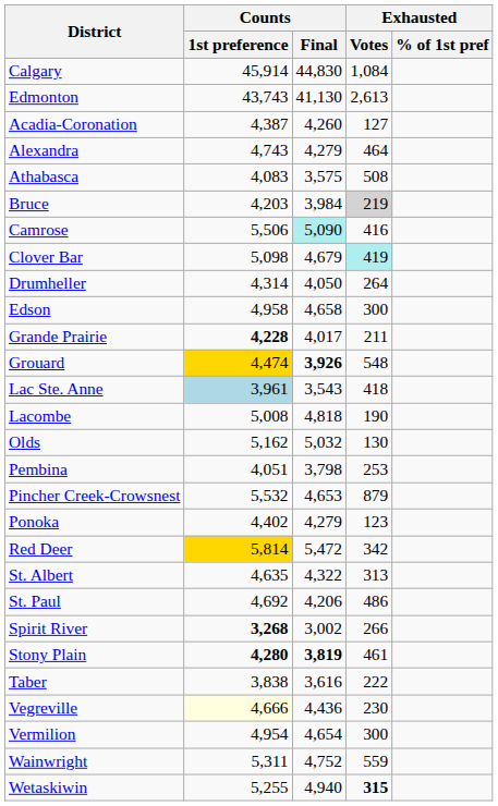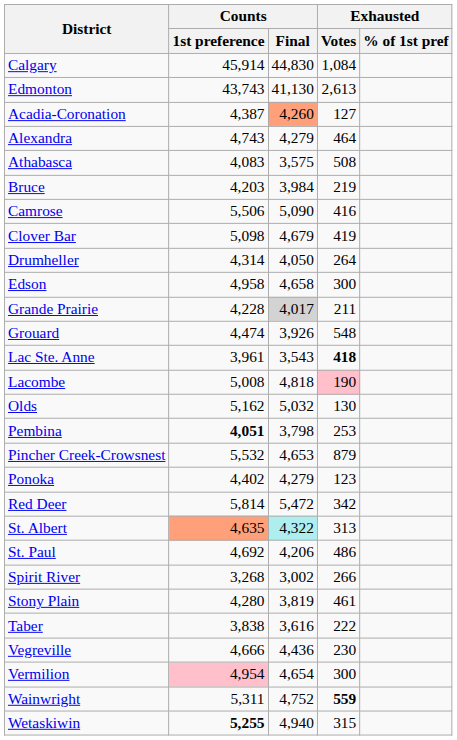 <table class="wikitable" style="text-align:right;">
 <tr>
 <th rowspan="2">District</th>
 <th colspan="2">Counts</th>
 <th colspan="3">Exhausted</th>
 </tr>
 <tr>
 <th>1st preference</th>
 <th>Final</th>
 <th>Votes</th>
 <th colspan="2">% of 1st pref</th>
 </tr>
 <tr>
 <td style="text-align:left;"><a href='#'>Calgary</a></td>
 <td>45,914</td>
 <td>44,830</td>
 <td>1,084</td>
 <td></td>
 </tr>
 <tr>
 <td style="text-align:left;"><a href='#'>Edmonton</a></td>
 <td>43,743</td>
 <td>41,130</td>
 <td>2,613</td>
 <td></td>
 </tr>
 <tr>
 <td style="text-align:left;"><a href='#'>Acadia-Coronation</a></td>
 <td>4,387</td>
-<td>4,260</td>
+<td style="background: lightsalmon;">4,260</td>
 <td>127</td>
 <td></td>
 </tr>
 <tr>
 <td style="text-align:left;"><a href='#'>Alexandra</a></td>
 <td>4,743</td>
 <td>4,279</td>
 <td>464</td>
 <td></td>
 </tr>
 <tr>
 <td style="text-align:left;"><a href='#'>Athabasca</a></td>
 <td>4,083</td>
 <td>3,575</td>
 <td>508</td>
 <td></td>
 </tr>
 <tr>
 <td style="text-align:left;"><a href='#'>Bruce</a></td>
 <td>4,203</td>
 <td>3,984</td>
-<td style="background: lightgrey;">219</td>
+<td>219</td>
 <td></td>
 </tr>
 <tr>
 <td style="text-align:left;"><a href='#'>Camrose</a></td>
 <td>5,506</td>
-<td style="background: paleturquoise;">5,090</td>
+<td>5,090</td>
 <td>416</td>
 <td></td>
 </tr>
 <tr>
 <td style="text-align:left;"><a href='#'>Clover Bar</a></td>
 <td>5,098</td>
 <td>4,679</td>
-<td style="background: paleturquoise;">419</td>
+<td>419</td>
 <td></td>
 </tr>
 <tr>
 <td style="text-align:left;"><a href='#'>Drumheller</a></td>
 <td>4,314</td>
 <td>4,050</td>
 <td>264</td>
 <td></td>
 </tr>
 <tr>
 <td style="text-align:left;"><a href='#'>Edson</a></td>
 <td>4,958</td>
 <td>4,658</td>
 <td>300</td>
 <td></td>
 </tr>
 <tr>
 <td style="text-align:left;"><a href='#'>Grande Prairie</a></td>
-<td><strong>4,228</strong></td>
-<td>4,017</td>
+<td>4,228</td>
+<td style="background: lightgrey;">4,017</td>
 <td>211</td>
 <td></td>
 </tr>
 <tr>
 <td style="text-align:left;"><a href='#'>Grouard</a></td>
-<td style="background: gold;">4,474</td>
-<td><strong>3,926</strong></td>
+<td>4,474</td>
+<td>3,926</td>
 <td>548</td>
 <td></td>
 </tr>
 <tr>
 <td style="text-align:left;"><a href='#'>Lac Ste. Anne</a></td>
-<td style="background: lightblue;">3,961</td>
+<td>3,961</td>
 <td>3,543</td>
-<td>418</td>
+<td><strong>418</strong></td>
 <td></td>
 </tr>
 <tr>
 <td style="text-align:left;"><a href='#'>Lacombe</a></td>
 <td>5,008</td>
 <td>4,818</td>
-<td>190</td>
+<td style="background: pink;">190</td>
 <td></td>
 </tr>
 <tr>
 <td style="text-align:left;"><a href='#'>Olds</a></td>
 <td>5,162</td>
 <td>5,032</td>
 <td>130</td>
 <td></td>
 </tr>
 <tr>
 <td style="text-align:left;"><a href='#'>Pembina</a></td>
-<td>4,051</td>
+<td><strong>4,051</strong></td>
 <td>3,798</td>
 <td>253</td>
 <td></td>
 </tr>
 <tr>
 <td style="text-align:left;"><a href='#'>Pincher Creek-Crowsnest</a></td>
 <td>5,532</td>
 <td>4,653</td>
 <td>879</td>
 <td></td>
 </tr>
 <tr>
 <td style="text-align:left;"><a href='#'>Ponoka</a></td>
 <td>4,402</td>
 <td>4,279</td>
 <td>123</td>
 <td></td>
 </tr>
 <tr>
 <td style="text-align:left;"><a href='#'>Red Deer</a></td>
-<td style="background: gold;">5,814</td>
+<td>5,814</td>
 <td>5,472</td>
 <td>342</td>
 <td></td>
 </tr>
 <tr>
 <td style="text-align:left;"><a href='#'>St. Albert</a></td>
-<td>4,635</td>
-<td>4,322</td>
+<td style="background: lightsalmon;">4,635</td>
+<td style="background: paleturquoise;">4,322</td>
 <td>313</td>
 <td></td>
 </tr>
 <tr>
 <td style="text-align:left;"><a href='#'>St. Paul</a></td>
 <td>4,692</td>
 <td>4,206</td>
 <td>486</td>
 <td></td>
 </tr>
 <tr>
 <td style="text-align:left;"><a href='#'>Spirit River</a></td>
-<td><strong>3,268</strong></td>
+<td>3,268</td>
 <td>3,002</td>
 <td>266</td>
 <td></td>
 </tr>
 <tr>
 <td style="text-align:left;"><a href='#'>Stony Plain</a></td>
-<td><strong>4,280</strong></td>
-<td><strong>3,819</strong></td>
+<td>4,280</td>
+<td>3,819</td>
 <td>461</td>
 <td></td>
 </tr>
 <tr>
 <td style="text-align:left;"><a href='#'>Taber</a></td>
 <td>3,838</td>
 <td>3,616</td>
 <td>222</td>
 <td></td>
 </tr>
 <tr>
 <td style="text-align:left;"><a href='#'>Vegreville</a></td>
-<td style="background: lightyellow;">4,666</td>
+<td>4,666</td>
 <td>4,436</td>
 <td>230</td>
 <td></td>
 </tr>
 <tr>
 <td style="text-align:left;"><a href='#'>Vermilion</a></td>
-<td>4,954</td>
+<td style="background: pink;">4,954</td>
 <td>4,654</td>
 <td>300</td>
 <td></td>
 </tr>
 <tr>
 <td style="text-align:left;"><a href='#'>Wainwright</a></td>
 <td>5,311</td>
 <td>4,752</td>
-<td>559</td>
+<td><strong>559</strong></td>
 <td></td>
 </tr>
 <tr>
 <td style="text-align:left;"><a href='#'>Wetaskiwin</a></td>
-<td>5,255</td>
+<td><strong>5,255</strong></td>
 <td>4,940</td>
-<td><strong>315</strong></td>
+<td>315</td>
 <td></td>
 </tr>
 </table>
